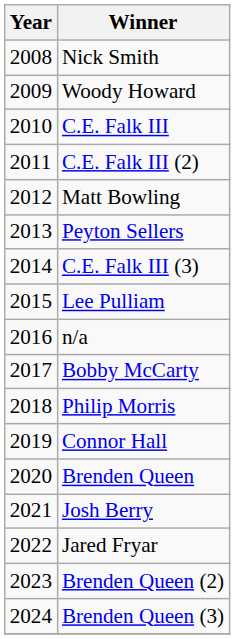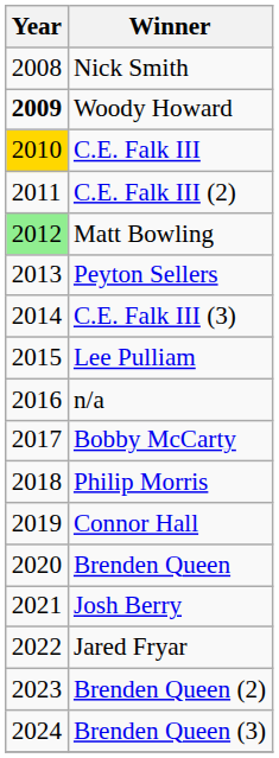 <table class="wikitable" style="font-size:90%;">
 <tr>
 <th>Year</th>
 <th>Winner</th>
 </tr>
 <tr>
 <td>2008</td>
 <td>Nick Smith</td>
 </tr>
 <tr>
-<td>2009</td>
+<td><strong>2009</strong></td>
 <td>Woody Howard</td>
 </tr>
 <tr>
-<td>2010</td>
+<td style="background: gold;">2010</td>
 <td><a href='#'>C.E. Falk III</a></td>
 </tr>
 <tr>
 <td>2011</td>
 <td><a href='#'>C.E. Falk III</a> (2)</td>
 </tr>
 <tr>
-<td>2012</td>
+<td style="background: lightgreen;">2012</td>
 <td>Matt Bowling</td>
 </tr>
 <tr>
 <td>2013</td>
 <td><a href='#'>Peyton Sellers</a></td>
 </tr>
 <tr>
 <td>2014</td>
 <td><a href='#'>C.E. Falk III</a> (3)</td>
 </tr>
 <tr>
 <td>2015</td>
 <td><a href='#'>Lee Pulliam</a></td>
 </tr>
 <tr>
 <td>2016</td>
 <td>n/a</td>
 </tr>
 <tr>
 <td>2017</td>
 <td><a href='#'>Bobby McCarty</a></td>
 </tr>
 <tr>
 <td>2018</td>
 <td><a href='#'>Philip Morris</a></td>
 </tr>
 <tr>
 <td>2019</td>
 <td><a href='#'>Connor Hall</a></td>
 </tr>
 <tr>
 <td>2020</td>
 <td><a href='#'>Brenden Queen</a></td>
 </tr>
 <tr>
 <td>2021</td>
 <td><a href='#'>Josh Berry</a></td>
 </tr>
 <tr>
 <td>2022</td>
 <td>Jared Fryar</td>
 </tr>
 <tr>
 <td>2023</td>
 <td><a href='#'>Brenden Queen</a> (2)</td>
 </tr>
 <tr>
 <td>2024</td>
 <td><a href='#'>Brenden Queen</a> (3)</td>
 </tr>
 <tr>
 </tr>
 </table>
